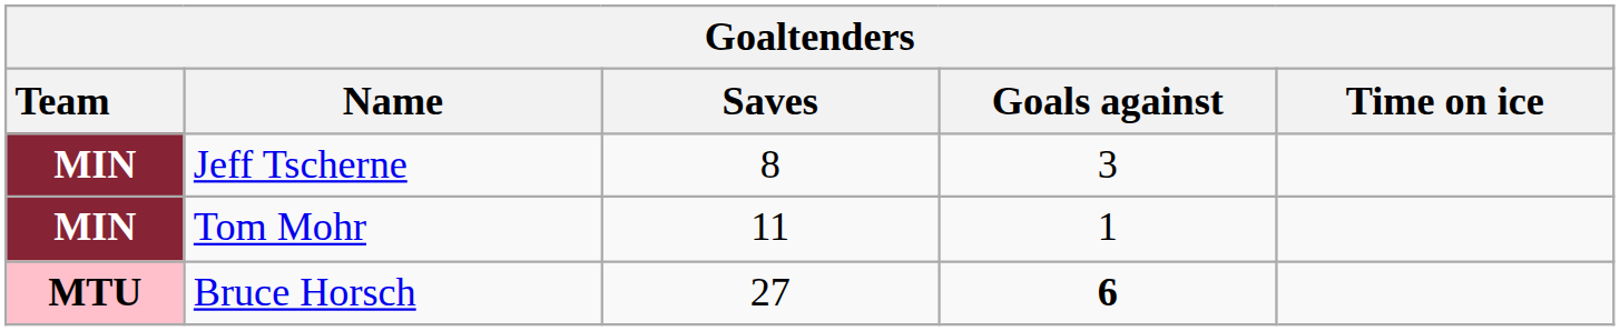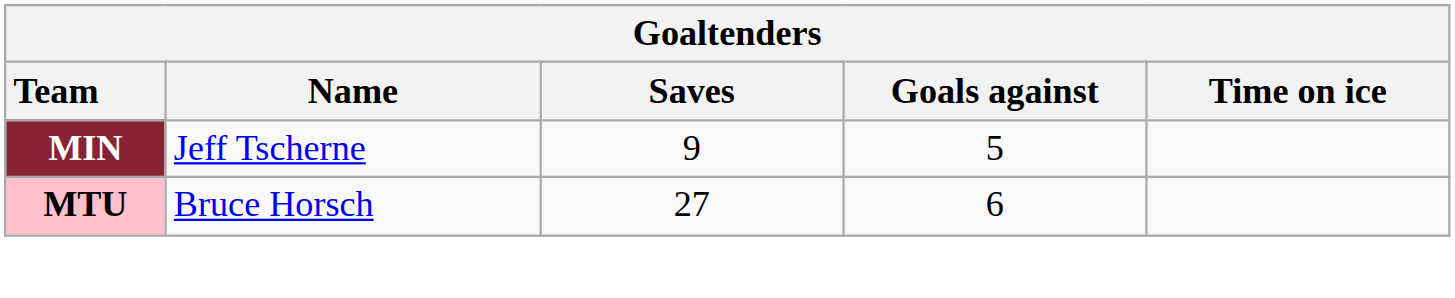 <table class="wikitable" style="width:40em; text-align:right;">
 <tr>
 <th colspan=5>Goaltenders</th>
 </tr>
 <tr>
 <th style="width:4em; text-align:left;">Team</th>
 <th style="width:10em;">Name</th>
 <th style="width:8em;">Saves</th>
 <th style="width:8em;">Goals against</th>
 <th style="width:8em;">Time on ice</th>
 </tr>
 <tr>
 <td align=center style="color:white; background:#862334; "><strong>MIN</strong></td>
 <td style="text-align:left;"><a href='#'>Jeff Tscherne</a></td>
-<td align=center>8</td>
-<td align=center>3</td>
-<td align=center></td>
-</tr>
-<tr>
-<td align=center style="color:white; background:#862334; "><strong>MIN</strong></td>
-<td style="text-align:left;"><a href='#'>Tom Mohr</a></td>
-<td align=center>11</td>
-<td align=center>1</td>
+<td align=center>9</td>
+<td align=center>5</td>
 <td align=center></td>
 </tr>
 <tr>
 <td align=center style="background: pink;"><strong>MTU</strong></td>
 <td style="text-align:left;"><a href='#'>Bruce Horsch</a></td>
 <td align=center>27</td>
-<td align=center><strong>6</strong></td>
+<td align=center>6</td>
 <td align=center></td>
 </tr>
 </table>
